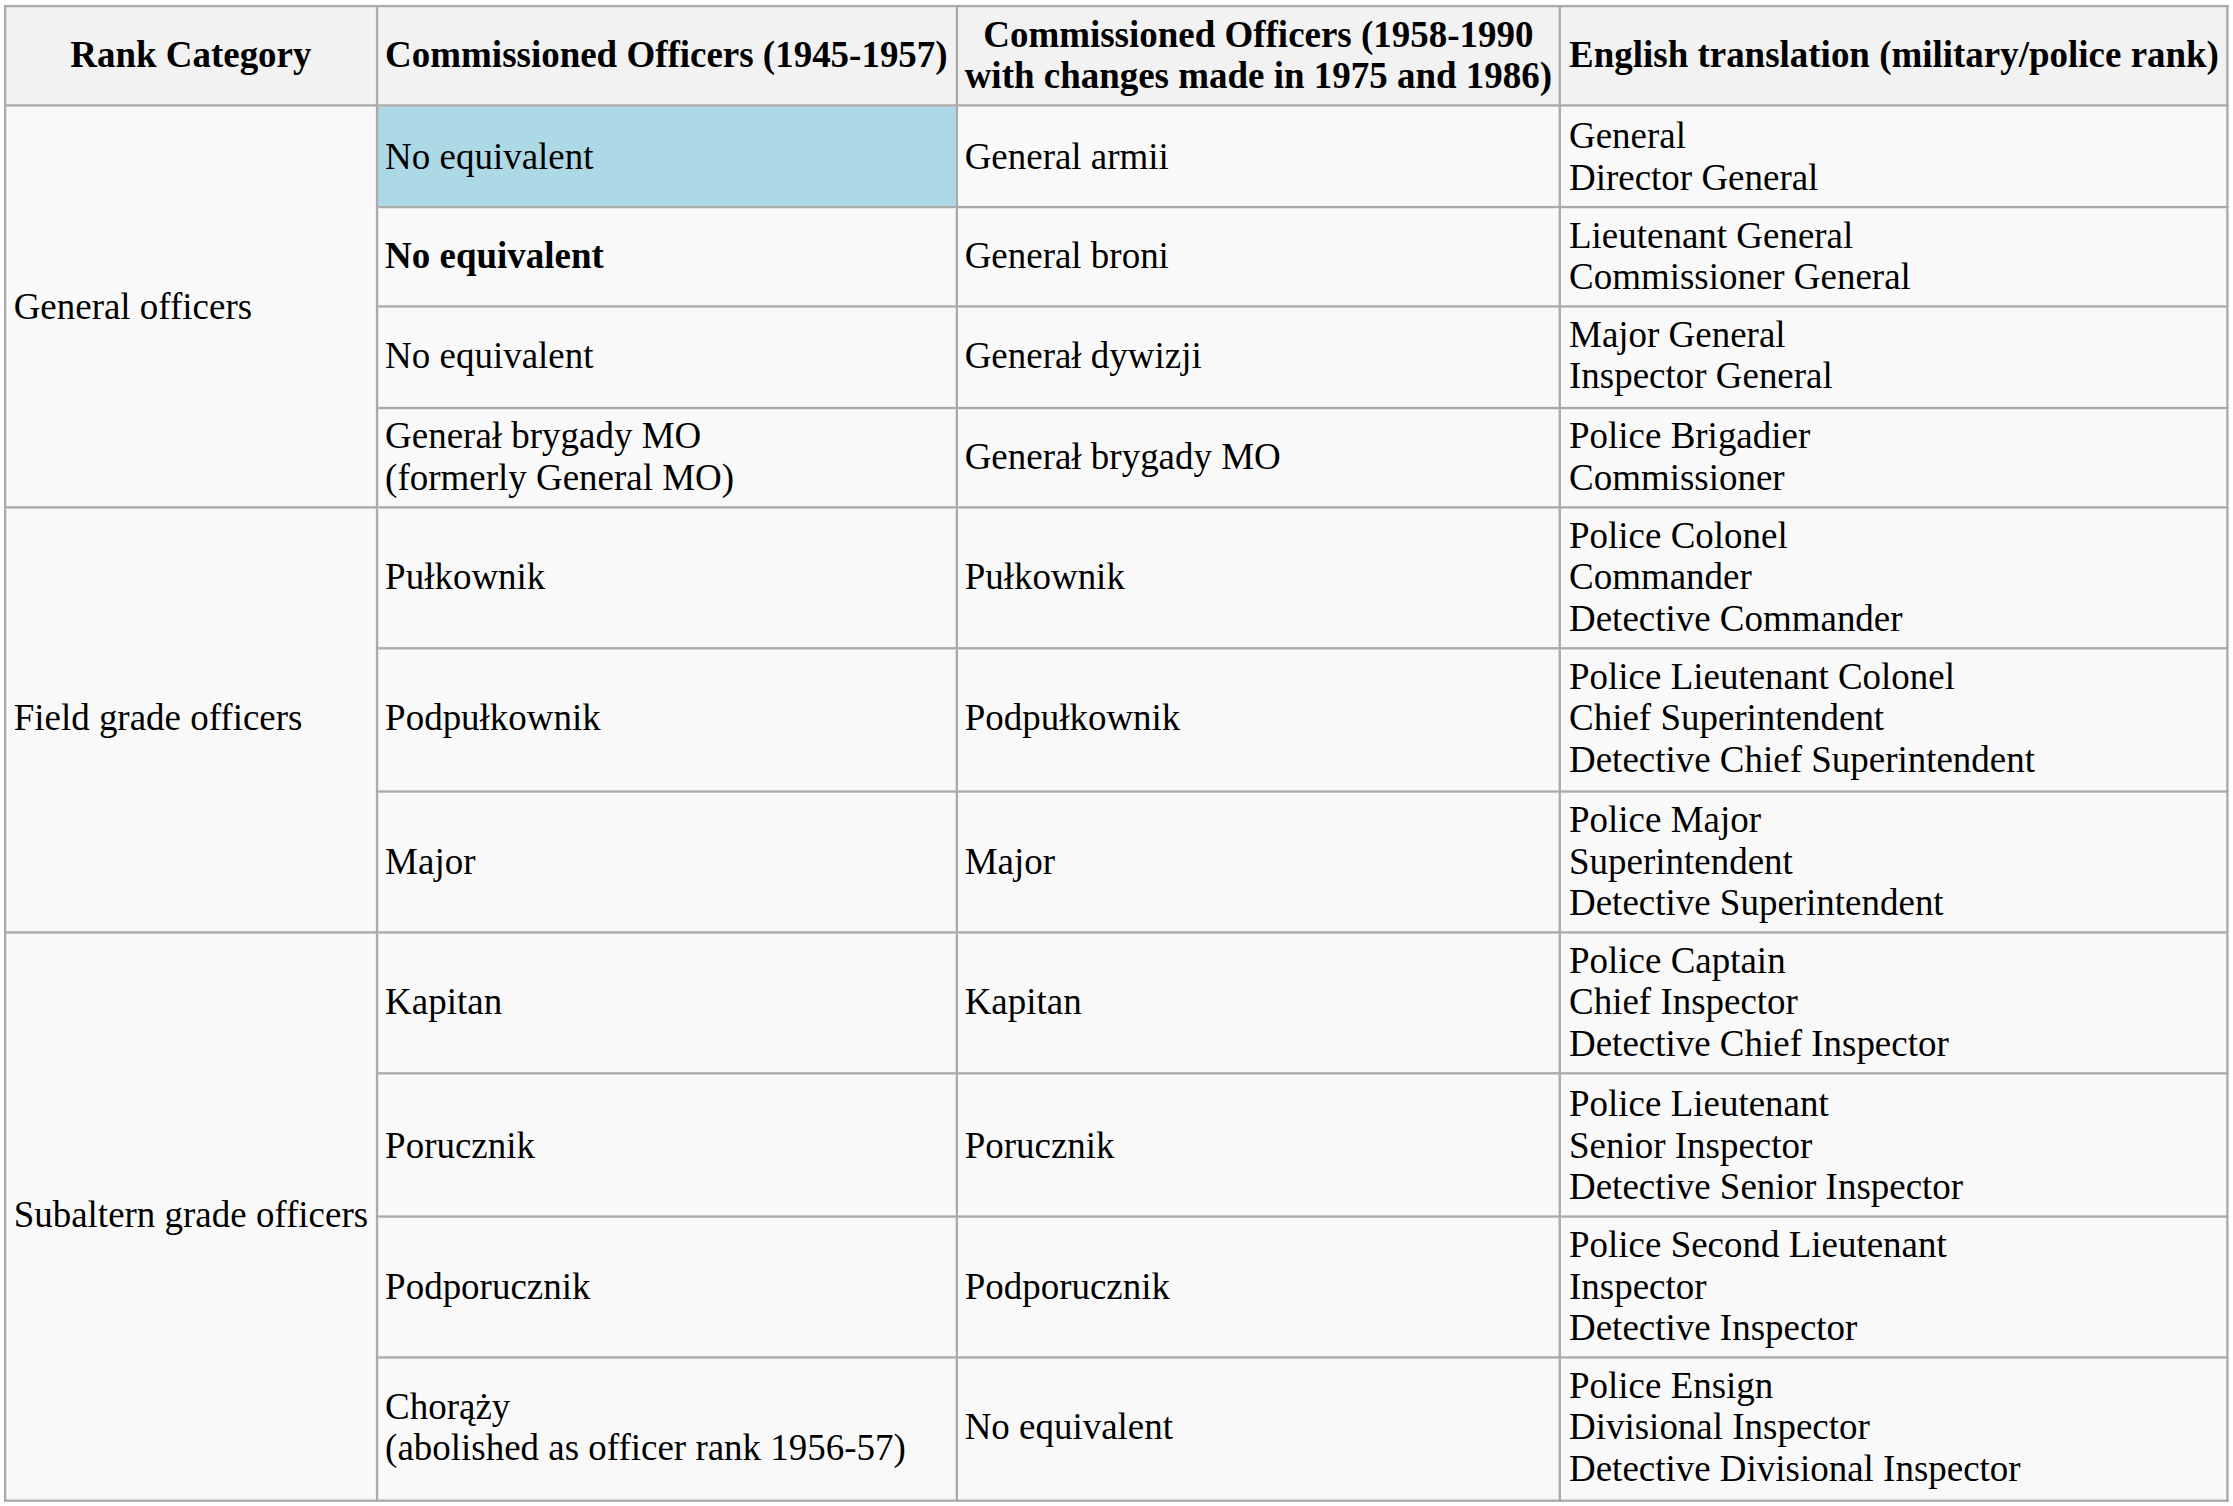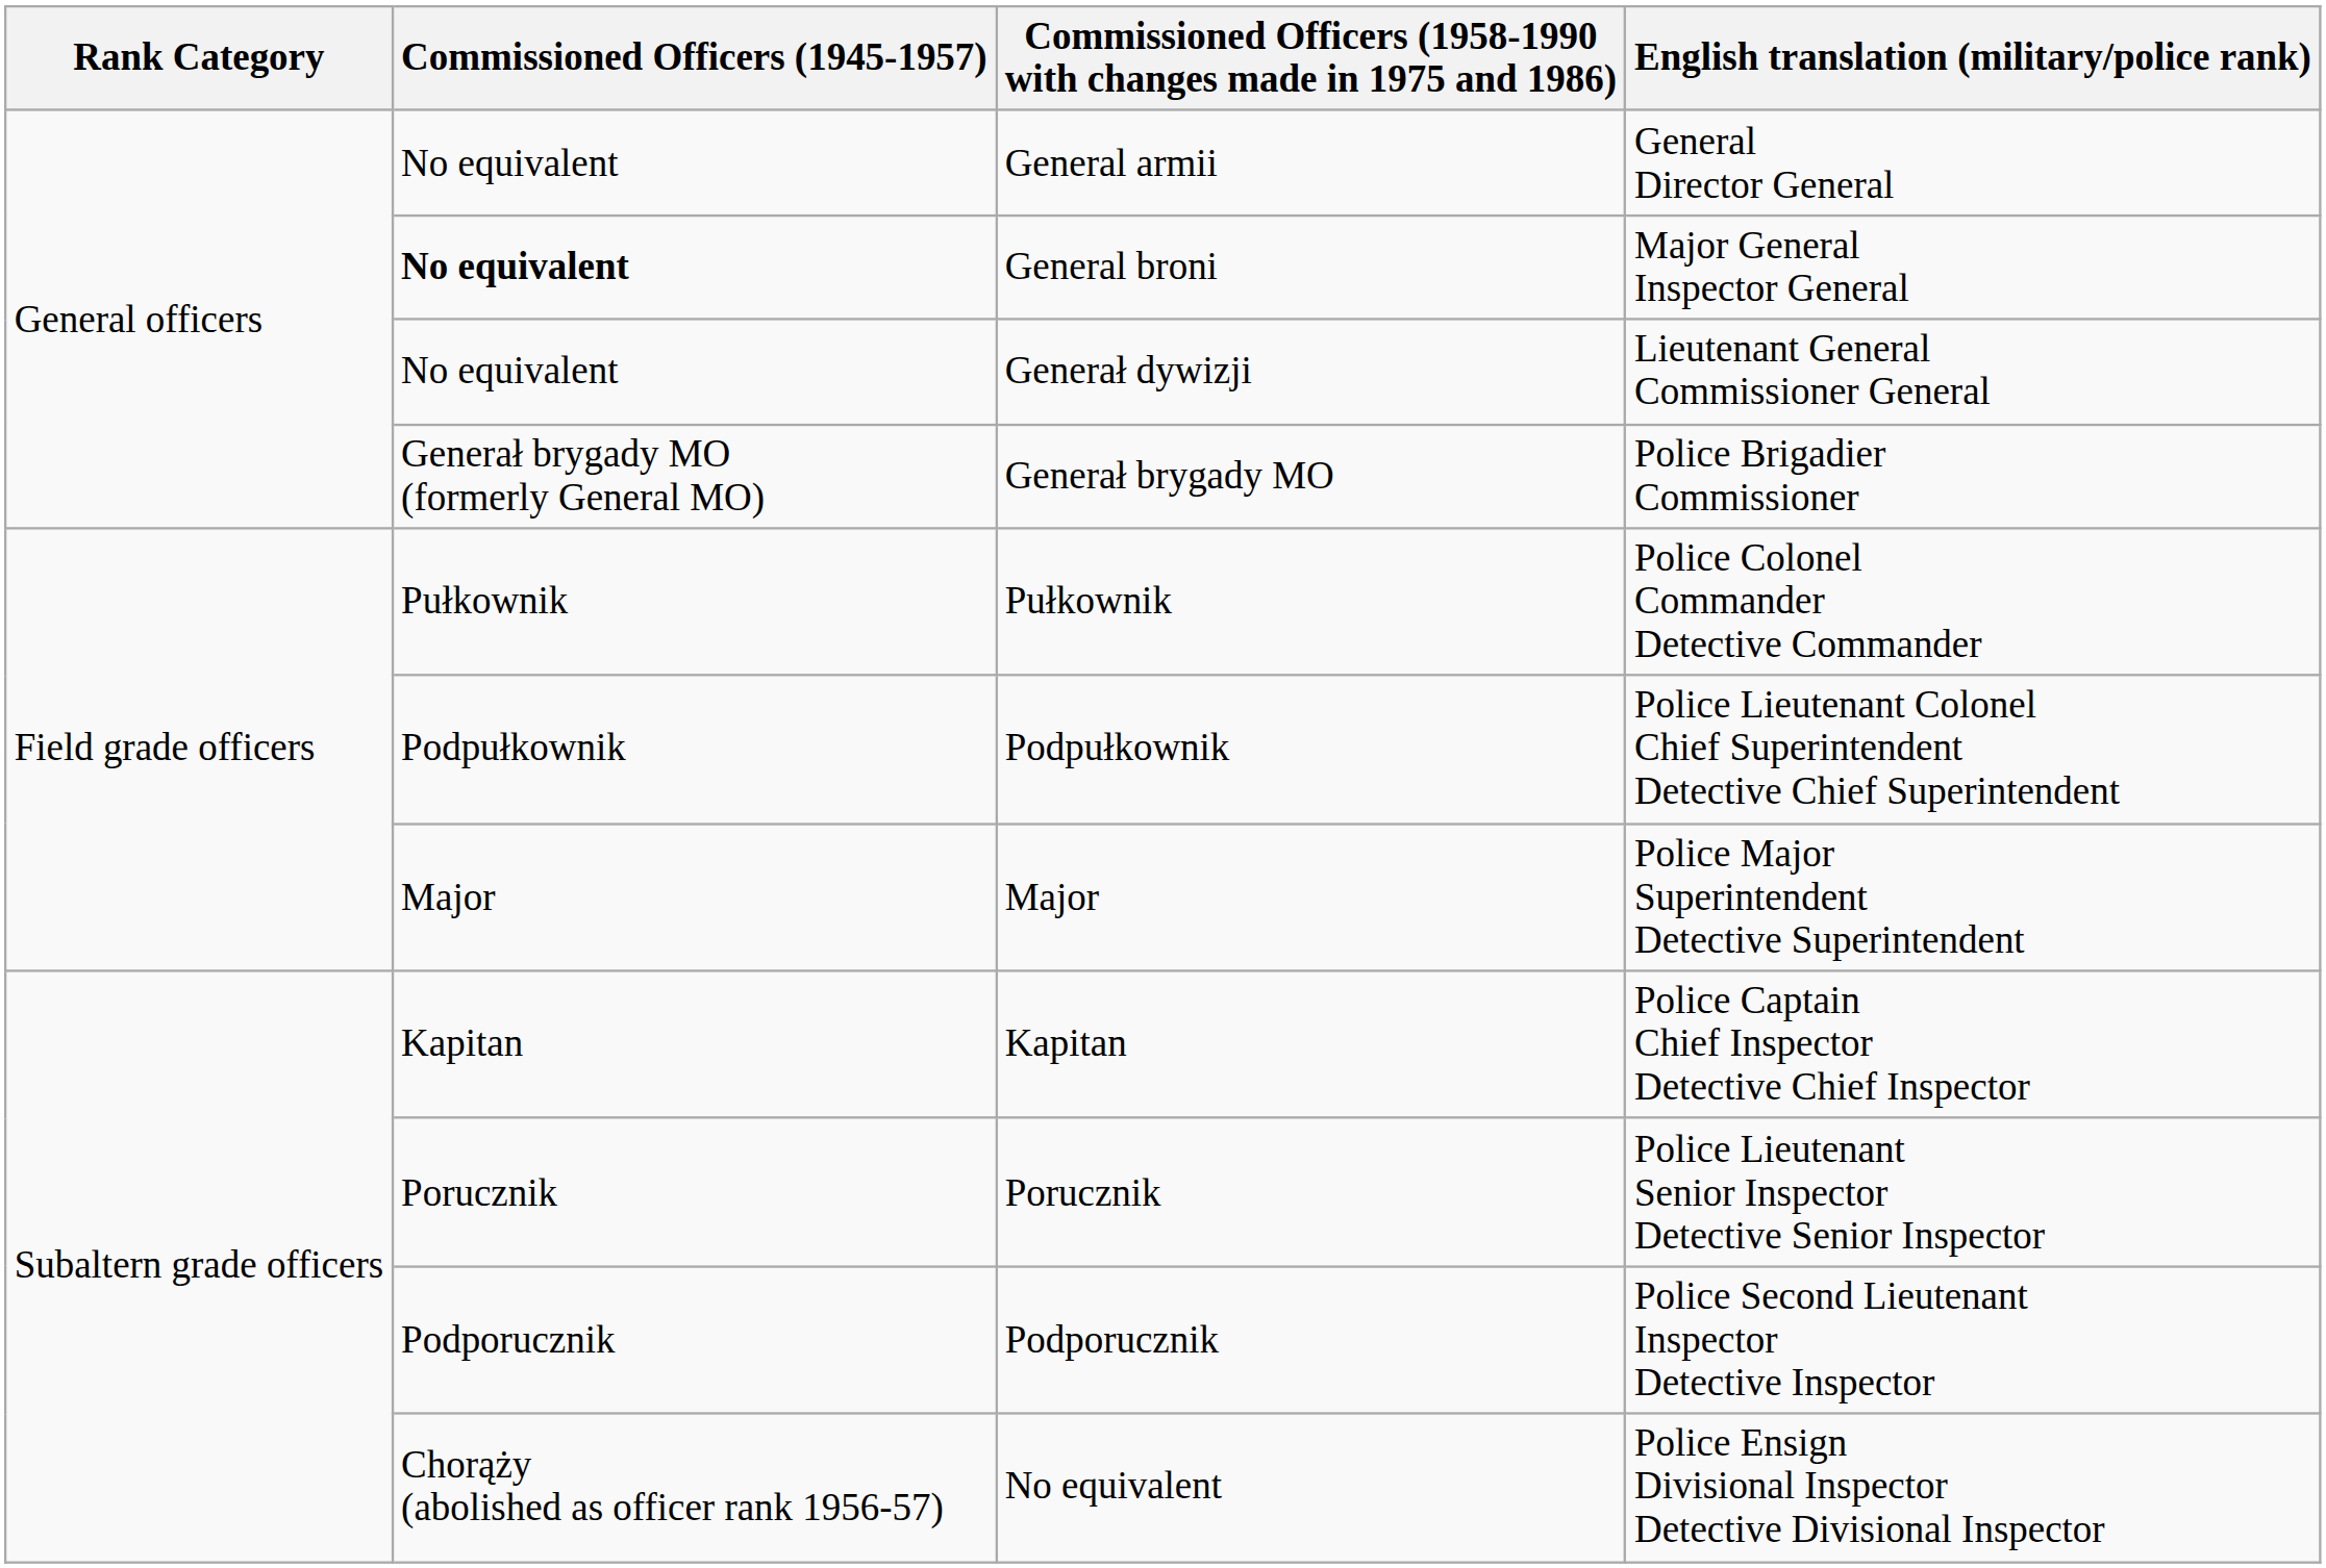 <table class="wikitable" style="display: inline-table;">
 <tr>
 <th>Rank Category</th>
 <th>Commissioned Officers (1945-1957)</th>
 <th>Commissioned Officers (1958-1990<br>with changes made in 1975 and 1986)</th>
 <th>English translation (military/police rank)</th>
 </tr>
 <tr>
 <td rowspan="4">General officers</td>
-<td style="background: lightblue;">No equivalent</td>
+<td>No equivalent</td>
 <td>General armii</td>
 <td>General<br>Director General</td>
 </tr>
 <tr>
 <td><strong>No equivalent</strong></td>
 <td>General broni</td>
-<td>Lieutenant General<br>Commissioner General</td>
+<td>Major General<br>Inspector General</td>
 </tr>
 <tr>
 <td>No equivalent</td>
 <td>Generał dywizji</td>
-<td>Major General<br>Inspector General</td>
+<td>Lieutenant General<br>Commissioner General</td>
 </tr>
 <tr>
 <td>Generał brygady MO<br>(formerly General MO)</td>
 <td>Generał brygady MO</td>
 <td>Police Brigadier<br>Commissioner</td>
 </tr>
 <tr>
 <td rowspan="3">Field grade officers</td>
 <td>Pułkownik</td>
 <td>Pułkownik</td>
 <td>Police Colonel<br>Commander<br>Detective Commander</td>
 </tr>
 <tr>
 <td>Podpułkownik</td>
 <td>Podpułkownik</td>
 <td>Police Lieutenant Colonel<br>Chief Superintendent<br>Detective Chief Superintendent</td>
 </tr>
 <tr>
 <td>Major</td>
 <td>Major</td>
 <td>Police Major<br>Superintendent<br>Detective Superintendent</td>
 </tr>
 <tr>
 <td rowspan="4">Subaltern grade officers</td>
 <td>Kapitan</td>
 <td>Kapitan</td>
 <td>Police Captain<br>Chief Inspector<br>Detective Chief Inspector</td>
 </tr>
 <tr>
 <td>Porucznik</td>
 <td>Porucznik</td>
 <td>Police Lieutenant<br>Senior Inspector<br>Detective Senior Inspector</td>
 </tr>
 <tr>
 <td>Podporucznik</td>
 <td>Podporucznik</td>
 <td>Police Second Lieutenant<br>Inspector<br>Detective Inspector</td>
 </tr>
 <tr>
 <td>Chorąży<br>(abolished as officer rank 1956-57)</td>
 <td>No equivalent</td>
 <td>Police Ensign<br>Divisional Inspector<br>Detective Divisional Inspector</td>
 </tr>
 </table>
